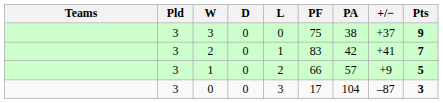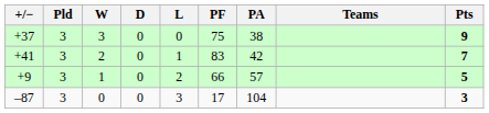 <table class="wikitable" style="text-align: center;">
 <tr>
-<th width="200">Teams</th>
+<th width="40">+/−</th>
 <th width="40">Pld</th>
 <th width="40">W</th>
 <th width="40">D</th>
 <th width="40">L</th>
 <th width="40">PF</th>
 <th width="40">PA</th>
-<th width="40">+/−</th>
+<th width="200">Teams</th>
 <th width="40">Pts</th>
 </tr>
 <tr bgcolor=#ccffcc>
-<td align=left></td>
+<td>+37</td>
 <td>3</td>
 <td>3</td>
 <td>0</td>
 <td>0</td>
 <td>75</td>
 <td>38</td>
-<td>+37</td>
+<td align=left></td>
 <td><strong>9</strong></td>
 </tr>
 <tr bgcolor=#ccffcc>
-<td align=left></td>
+<td>+41</td>
 <td>3</td>
 <td>2</td>
 <td>0</td>
 <td>1</td>
 <td>83</td>
 <td>42</td>
-<td>+41</td>
+<td align=left></td>
 <td><strong>7</strong></td>
 </tr>
 <tr bgcolor=#ccffcc>
-<td align=left></td>
+<td>+9</td>
 <td>3</td>
 <td>1</td>
 <td>0</td>
 <td>2</td>
 <td>66</td>
 <td>57</td>
-<td>+9</td>
+<td align=left></td>
 <td><strong>5</strong></td>
 </tr>
 <tr>
-<td align=left></td>
+<td>–87</td>
 <td>3</td>
 <td>0</td>
 <td>0</td>
 <td>3</td>
 <td>17</td>
 <td>104</td>
-<td>–87</td>
+<td align=left></td>
 <td><strong>3</strong></td>
 </tr>
 </table>
